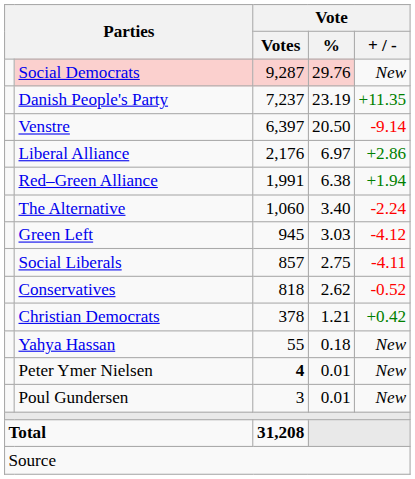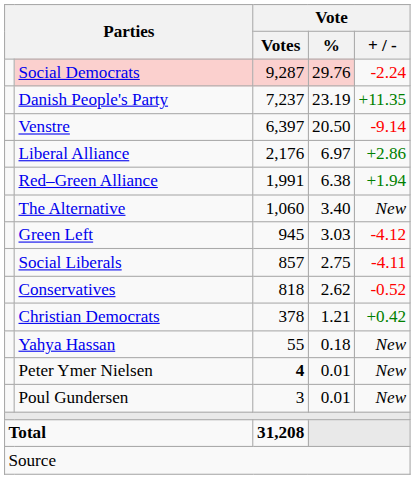 <table class="wikitable" style="text-align:right;">
 <tr>
 <th style="text-align:centre;" rowspan="2" colspan="2" width="225">Parties</th>
 <th colspan="3">Vote</th>
 </tr>
 <tr>
 <th width="15">Votes</th>
 <th width="15">%</th>
 <th width="15">+ / -</th>
 </tr>
 <tr>
 <td width="2" style="color:inherit;background:"></td>
 <td bgcolor=#fbd0ce  align="left"><a href='#'>Social Democrats</a></td>
 <td bgcolor=#fbd0ce>9,287</td>
 <td bgcolor=#fbd0ce>29.76</td>
-<td><em>New</em></td>
+<td style=color:red;>-2.24</td>
 </tr>
 <tr>
 <td width="2" style="color:inherit;background:"></td>
 <td align="left"><a href='#'>Danish People's Party</a></td>
 <td>7,237</td>
 <td>23.19</td>
 <td style=color:green;>+11.35</td>
 </tr>
 <tr>
 <td width="2" style="color:inherit;background:"></td>
 <td align="left"><a href='#'>Venstre</a></td>
 <td>6,397</td>
 <td>20.50</td>
 <td style=color:red;>-9.14</td>
 </tr>
 <tr>
 <td width="2" style="color:inherit;background:"></td>
 <td align="left"><a href='#'>Liberal Alliance</a></td>
 <td>2,176</td>
 <td>6.97</td>
 <td style=color:green;>+2.86</td>
 </tr>
 <tr>
 <td width="2" style="color:inherit;background:"></td>
 <td align="left"><a href='#'>Red–Green Alliance</a></td>
 <td>1,991</td>
 <td>6.38</td>
 <td style=color:green;>+1.94</td>
 </tr>
 <tr>
 <td width="2" style="color:inherit;background:"></td>
 <td align="left"><a href='#'>The Alternative</a></td>
 <td>1,060</td>
 <td>3.40</td>
-<td style=color:red;>-2.24</td>
+<td><em>New</em></td>
 </tr>
 <tr>
 <td width="2" style="color:inherit;background:"></td>
 <td align="left"><a href='#'>Green Left</a></td>
 <td>945</td>
 <td>3.03</td>
 <td style=color:red;>-4.12</td>
 </tr>
 <tr>
 <td width="2" style="color:inherit;background:"></td>
 <td align="left"><a href='#'>Social Liberals</a></td>
 <td>857</td>
 <td>2.75</td>
 <td style=color:red;>-4.11</td>
 </tr>
 <tr>
 <td width="2" style="color:inherit;background:"></td>
 <td align="left"><a href='#'>Conservatives</a></td>
 <td>818</td>
 <td>2.62</td>
 <td style=color:red;>-0.52</td>
 </tr>
 <tr>
 <td width="2" style="color:inherit;background:"></td>
 <td align="left"><a href='#'>Christian Democrats</a></td>
 <td>378</td>
 <td>1.21</td>
 <td style=color:green;>+0.42</td>
 </tr>
 <tr>
 <td width="2" style="color:inherit;background:"></td>
 <td align="left"><a href='#'>Yahya Hassan</a></td>
 <td>55</td>
 <td>0.18</td>
 <td><em>New</em></td>
 </tr>
 <tr>
 <td width="2" style="color:inherit;background:"></td>
 <td align="left">Peter Ymer Nielsen</td>
 <td><strong>4</strong></td>
 <td>0.01</td>
 <td><em>New</em></td>
 </tr>
 <tr>
 <td width="2" style="color:inherit;background:"></td>
 <td align="left">Poul Gundersen</td>
 <td>3</td>
 <td>0.01</td>
 <td><em>New</em></td>
 </tr>
 <tr>
 <td colspan="7" bgcolor="#E9E9E9"></td>
 </tr>
 <tr>
 <td align="left" colspan="2"><strong>Total</strong></td>
 <td><strong>31,208</strong></td>
 <td bgcolor="#E9E9E9" colspan="2"></td>
 </tr>
 <tr>
 <td align="left" colspan="6">Source</td>
 </tr>
 </table>
